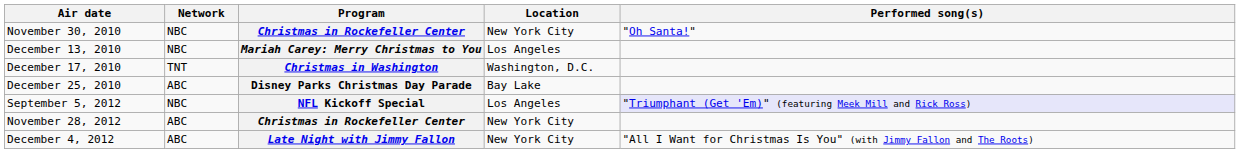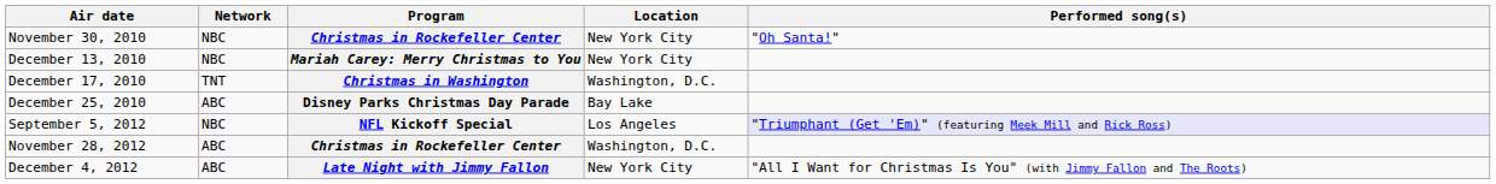 <table class="wikitable sortable plainrowheaders" style="font-size:95%;">
 <tr>
 <th style="width:13%;">Air date</th>
 <th style="width:6%;">Network</th>
 <th style="width:20%;">Program</th>
 <th style="width:11%;">Location</th>
 <th style="width:51%;">Performed song(s)</th>
 </tr>
 <tr>
 <td>November 30, 2010</td>
 <td>NBC</td>
 <th scope="row"><em><a href='#'>Christmas in Rockefeller Center</a></em></th>
 <td>New York City</td>
 <td>"<a href='#'>Oh Santa!</a>"</td>
 </tr>
 <tr>
 <td>December 13, 2010</td>
 <td>NBC</td>
 <th scope="row"><em>Mariah Carey: Merry Christmas to You</em></th>
-<td>Los Angeles</td>
+<td>New York City</td>
 <td></td>
 </tr>
 <tr>
 <td>December 17, 2010</td>
 <td>TNT</td>
 <th scope="row"><em><a href='#'>Christmas in Washington</a></em></th>
 <td>Washington, D.C.</td>
 <td></td>
 </tr>
 <tr>
 <td>December 25, 2010</td>
 <td>ABC</td>
 <th scope="row">Disney Parks Christmas Day Parade</th>
 <td>Bay Lake</td>
 <td></td>
 </tr>
 <tr>
 <td>September 5, 2012</td>
 <td>NBC</td>
 <th scope="row"><a href='#'>NFL</a> Kickoff Special</th>
 <td>Los Angeles</td>
 <td style="background: lavender;">"<a href='#'>Triumphant (Get 'Em)</a>" <small>(featuring <a href='#'>Meek Mill</a> and <a href='#'>Rick Ross</a>)</small></td>
 </tr>
 <tr>
 <td>November 28, 2012</td>
 <td>ABC</td>
 <th scope="row"><em>Christmas in Rockefeller Center</em></th>
-<td>New York City</td>
+<td>Washington, D.C.</td>
 <td></td>
 </tr>
 <tr>
 <td>December 4, 2012</td>
 <td>ABC</td>
 <th scope="row"><em><a href='#'>Late Night with Jimmy Fallon</a></em></th>
 <td>New York City</td>
 <td>"All I Want for Christmas Is You" <small>(with <a href='#'>Jimmy Fallon</a> and <a href='#'>The Roots</a>)</small></td>
 </tr>
 </table>
